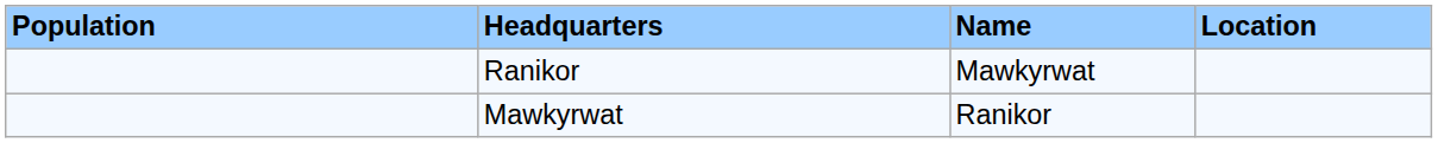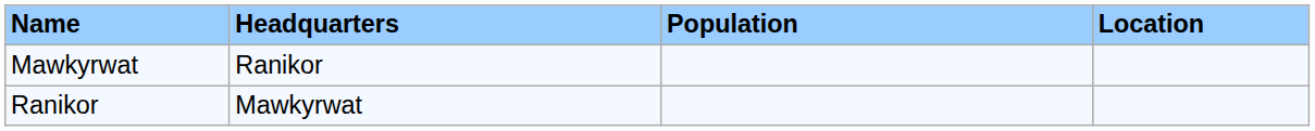 <table class="wikitable sortable" width=65% style="border:1px solid black">
 <tr bgcolor=#99ccff>
+<td width="10%"><strong>Name</strong></td>
+<td width="20%"><strong>Headquarters</strong></td>
 <td width="20%"><strong>Population</strong></td>
-<td width="20%"><strong>Headquarters</strong></td>
-<td width="10%"><strong>Name</strong></td>
 <td width="10%"><strong>Location</strong></td>
 </tr>
 <tr bgcolor=#F4F9FF>
+<td>Mawkyrwat</td>
+<td>Ranikor</td>
 <td></td>
+<td></td>
+</tr>
+<tr bgcolor=#F4F9FF>
 <td>Ranikor</td>
 <td>Mawkyrwat</td>
 <td></td>
-</tr>
-<tr bgcolor=#F4F9FF>
-<td></td>
-<td>Mawkyrwat</td>
-<td>Ranikor</td>
 <td></td>
 </tr>
 </table>
